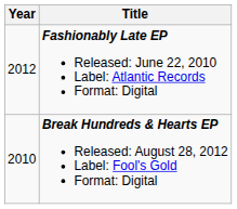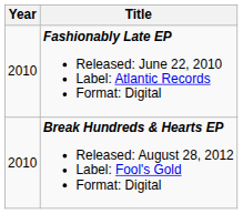 <table class="wikitable">
 <tr>
 <th>Year</th>
 <th>Title</th>
 </tr>
 <tr>
-<td>2012</td>
+<td>2010</td>
 <td><strong><em>Fashionably Late EP</em></strong><br><ul><li>Released: June 22, 2010</li><li>Label: <a href='#'>Atlantic Records</a></li><li>Format: Digital</li></ul></td>
 </tr>
 <tr>
 <td>2010</td>
 <td><strong><em>Break Hundreds & Hearts EP</em></strong><br><ul><li>Released: August 28, 2012</li><li>Label: <a href='#'>Fool's Gold</a></li><li>Format: Digital</li></ul></td>
 </tr>
 </table>
